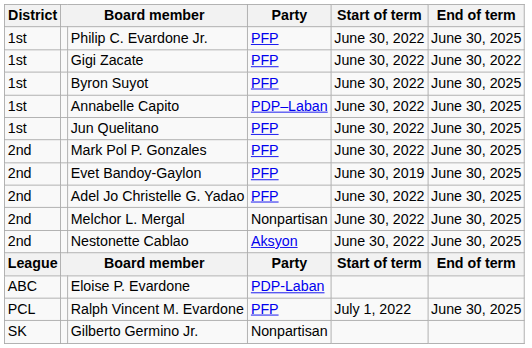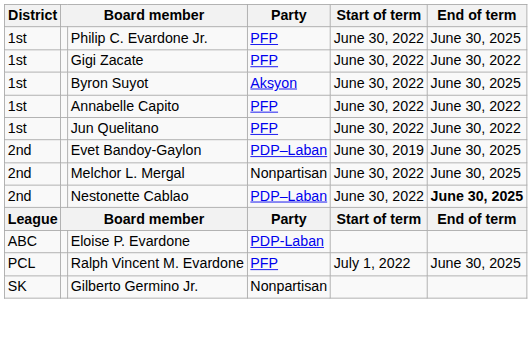 <table class="wikitable">
 <tr>
 <th>District</th>
 <th colspan="2">Board member</th>
 <th>Party</th>
 <th>Start of term</th>
 <th>End of term</th>
 </tr>
 <tr>
 <td>1st</td>
 <td></td>
 <td>Philip C. Evardone Jr.</td>
 <td><a href='#'>PFP</a></td>
 <td>June 30, 2022</td>
 <td>June 30, 2025</td>
 </tr>
 <tr>
 <td>1st</td>
 <td></td>
 <td>Gigi Zacate</td>
 <td><a href='#'>PFP</a></td>
 <td>June 30, 2022</td>
 <td>June 30, 2022</td>
 </tr>
 <tr>
 <td>1st</td>
 <td></td>
 <td>Byron Suyot</td>
-<td><a href='#'>PFP</a></td>
+<td><a href='#'>Aksyon</a></td>
 <td>June 30, 2022</td>
 <td>June 30, 2025</td>
 </tr>
 <tr>
 <td>1st</td>
 <td></td>
 <td>Annabelle Capito</td>
-<td><a href='#'>PDP–Laban</a></td>
+<td><a href='#'>PFP</a></td>
 <td>June 30, 2022</td>
-<td>June 30, 2025</td>
+<td>June 30, 2022</td>
 </tr>
 <tr>
 <td>1st</td>
 <td></td>
 <td>Jun Quelitano</td>
 <td><a href='#'>PFP</a></td>
 <td>June 30, 2022</td>
-<td>June 30, 2025</td>
-</tr>
-<tr>
-<td>2nd</td>
-<td></td>
-<td>Mark Pol P. Gonzales</td>
-<td><a href='#'>PFP</a></td>
 <td>June 30, 2022</td>
-<td>June 30, 2025</td>
 </tr>
 <tr>
 <td>2nd</td>
 <td></td>
 <td>Evet Bandoy-Gaylon</td>
-<td><a href='#'>PFP</a></td>
+<td><a href='#'>PDP–Laban</a></td>
 <td>June 30, 2019</td>
-<td>June 30, 2025</td>
-</tr>
-<tr>
-<td>2nd</td>
-<td></td>
-<td>Adel Jo Christelle G. Yadao</td>
-<td><a href='#'>PFP</a></td>
-<td>June 30, 2022</td>
 <td>June 30, 2025</td>
 </tr>
 <tr>
 <td>2nd</td>
 <td></td>
 <td>Melchor L. Mergal</td>
 <td>Nonpartisan</td>
 <td>June 30, 2022</td>
 <td>June 30, 2025</td>
 </tr>
 <tr>
 <td>2nd</td>
 <td></td>
 <td>Nestonette Cablao</td>
-<td><a href='#'>Aksyon</a></td>
+<td><a href='#'>PDP–Laban</a></td>
 <td>June 30, 2022</td>
-<td>June 30, 2025</td>
+<td><strong>June 30, 2025</strong></td>
 </tr>
 <tr>
 <th>League</th>
 <th colspan="2">Board member</th>
 <th>Party</th>
 <th>Start of term</th>
 <th>End of term</th>
 </tr>
 <tr>
 <td>ABC</td>
 <td></td>
 <td>Eloise P. Evardone</td>
 <td><a href='#'>PDP-Laban</a></td>
 <td></td>
 <td></td>
 </tr>
 <tr>
 <td>PCL</td>
 <td></td>
 <td>Ralph Vincent M. Evardone</td>
 <td><a href='#'>PFP</a></td>
 <td>July 1, 2022</td>
 <td>June 30, 2025</td>
 </tr>
 <tr>
 <td>SK</td>
 <td></td>
 <td>Gilberto Germino Jr.</td>
 <td>Nonpartisan</td>
 <td></td>
 <td></td>
 </tr>
 </table>
